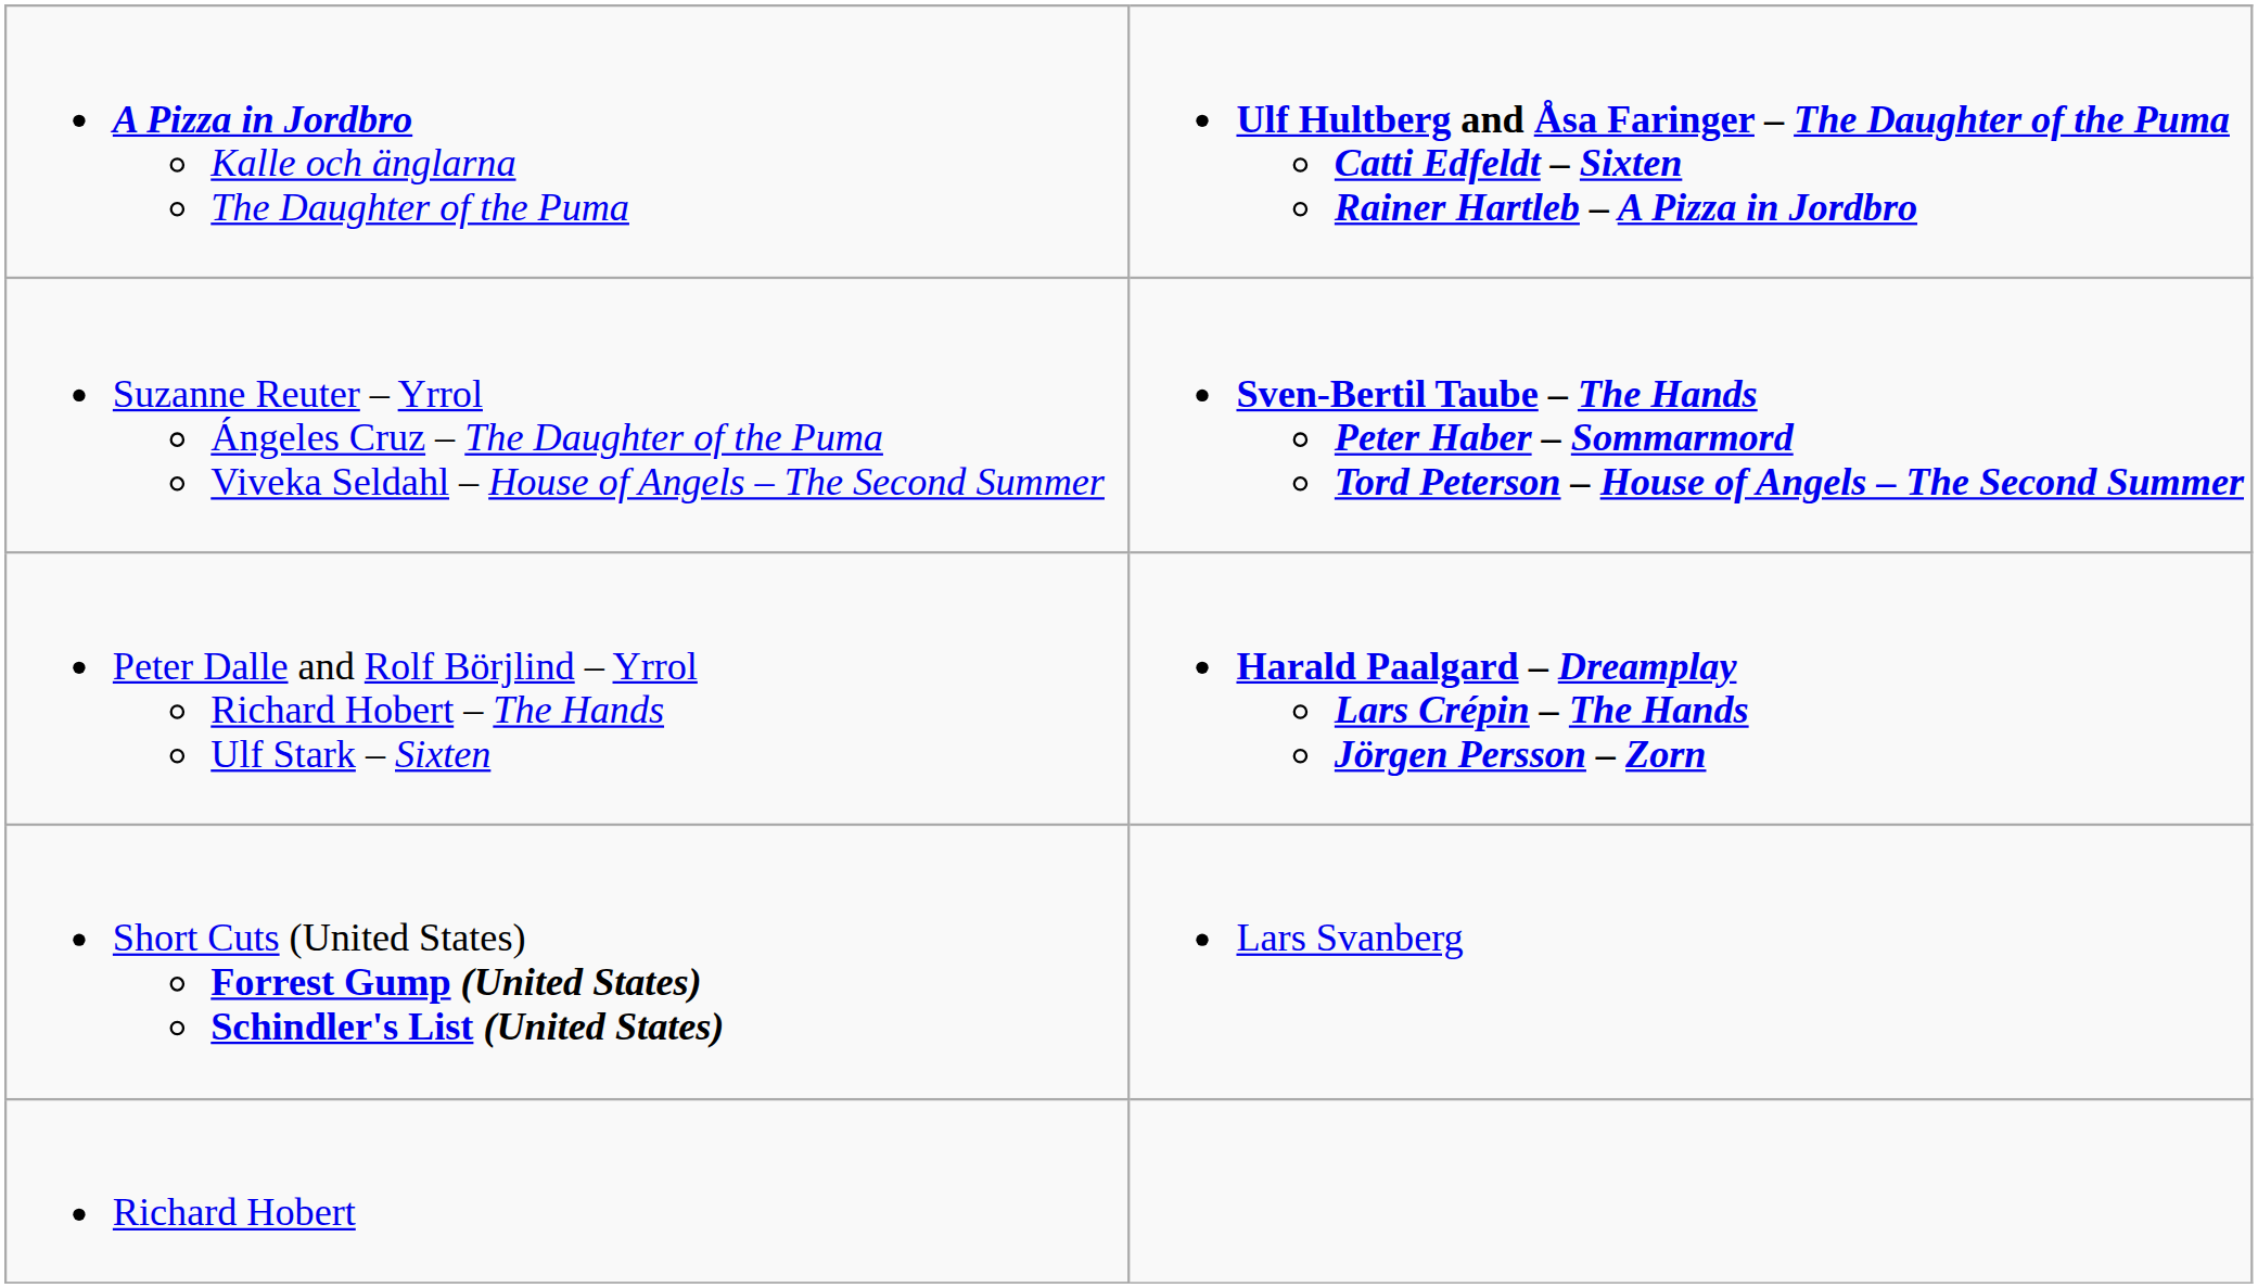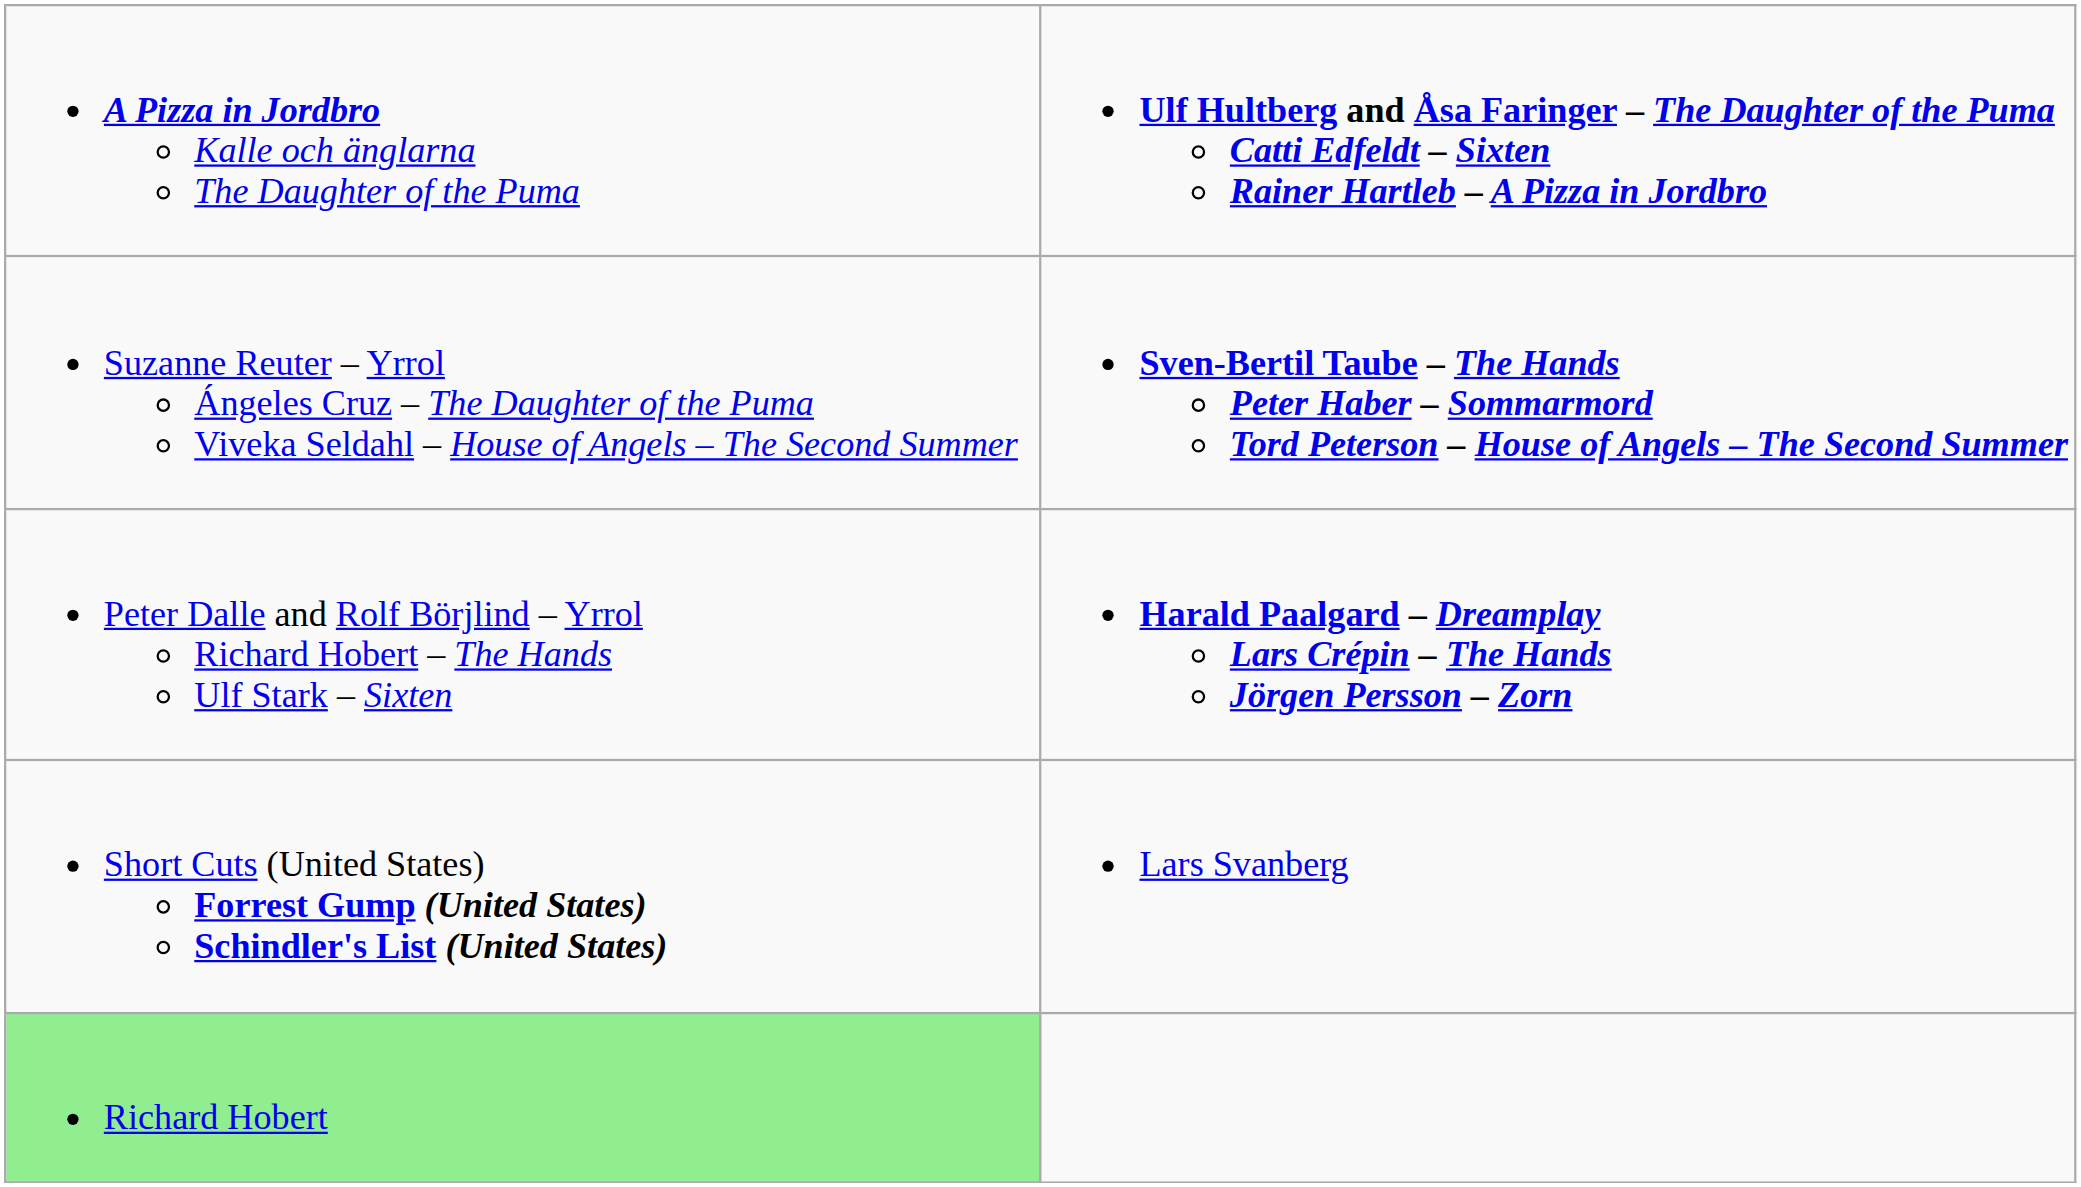 <table class=wikitable>
 <tr>
 <td style="vertical-align:top;" width="50%"><br><ul><li><strong><em><a href='#'>A Pizza in Jordbro</a></em></strong><ul><li><em><a href='#'>Kalle och änglarna</a></em></li><li><em><a href='#'>The Daughter of the Puma</a></em></li></ul></li></ul></td>
 <td style="vertical-align:top;" width="50%"><br><ul><li><strong><a href='#'>Ulf Hultberg</a> and <a href='#'>Åsa Faringer</a> – <em><a href='#'>The Daughter of the Puma</a><strong><em><ul><li><a href='#'>Catti Edfeldt</a> – </em><a href='#'>Sixten</a><em></li><li><a href='#'>Rainer Hartleb</a> – </em><a href='#'>A Pizza in Jordbro</a><em></li></ul></li></ul></td>
 </tr>
 <tr>
 <td style="vertical-align:top;" width="50%"><br><ul><li></strong><a href='#'>Suzanne Reuter</a> – </em><a href='#'>Yrrol</a></em></strong><ul><li><a href='#'>Ángeles Cruz</a> – <em><a href='#'>The Daughter of the Puma</a></em></li><li><a href='#'>Viveka Seldahl</a> – <em><a href='#'>House of Angels – The Second Summer</a></em></li></ul></li></ul></td>
 <td valign="top" width="50%"><br><ul><li><strong><a href='#'>Sven-Bertil Taube</a> – <em><a href='#'>The Hands</a><strong><em><ul><li><a href='#'>Peter Haber</a> – </em><a href='#'>Sommarmord</a><em></li><li><a href='#'>Tord Peterson</a> – </em><a href='#'>House of Angels – The Second Summer</a><em></li></ul></li></ul></td>
 </tr>
 <tr>
 <td style="vertical-align:top;" width="50%"><br><ul><li></strong><a href='#'>Peter Dalle</a> and <a href='#'>Rolf Börjlind</a> – </em><a href='#'>Yrrol</a></em></strong><ul><li><a href='#'>Richard Hobert</a> – <em><a href='#'>The Hands</a></em></li><li><a href='#'>Ulf Stark</a> – <em><a href='#'>Sixten</a></em></li></ul></li></ul></td>
 <td style="vertical-align:top;" width="50%"><br><ul><li><strong><a href='#'>Harald Paalgard</a> – <em><a href='#'>Dreamplay</a><strong><em><ul><li><a href='#'>Lars Crépin</a> – </em><a href='#'>The Hands</a><em></li><li><a href='#'>Jörgen Persson</a>  – </em><a href='#'>Zorn</a><em></li></ul></li></ul></td>
 </tr>
 <tr>
 <td style="vertical-align:top;" width="50%"><br><ul><li></em></strong><a href='#'>Short Cuts</a> (United States)<strong><em><ul><li></em><a href='#'>Forrest Gump</a><em> (United States)</li><li></em><a href='#'>Schindler's List</a><em> (United States)</li></ul></li></ul></td>
 <td valign="top" width="50%"><br><ul><li></strong><a href='#'>Lars Svanberg</a><strong></li></ul></td>
 </tr>
 <tr>
-<td style="vertical-align:top;" width="50%"><br><ul><li></strong><a href='#'>Richard Hobert</a><strong></li></ul></td>
+<td style="background: lightgreen; vertical-align:top;" width="50%"><br><ul><li></strong><a href='#'>Richard Hobert</a><strong></li></ul></td>
 </tr>
 <tr>
 </tr>
 </table>
